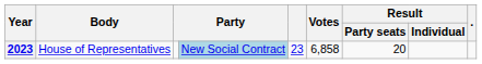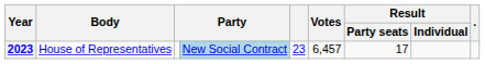 <table class="wikitable plainrowheaders sortable" border=2 cellpadding=4 cellspacing=0 style="border: 1px #aaa solid; font-size: 90%; text-align:center;">
 <tr>
 <th scope="col" rowspan=2>Year</th>
 <th scope="col" rowspan=2>Body</th>
 <th scope="col" colspan=2 rowspan=2>Party</th>
 <th scope="col" rowspan=2></th>
 <th scope="col" rowspan=2>Votes</th>
 <th scope="colgroup" colspan=2>Result</th>
 <th scope="col" rowspan=2 class="unsortable">.</th>
 </tr>
 <tr>
 <th scope="col">Party seats</th>
 <th scope="col">Individual</th>
 </tr>
 <tr>
 <th scope="row"><a href='#'>2023</a></th>
 <td><a href='#'>House of Representatives</a></td>
 <td style="background-color:"></td>
 <td style="background: lightblue;"><a href='#'>New Social Contract</a></td>
 <td style=text-align:right><a href='#'>23</a></td>
-<td style=text-align:right>6,858</td>
-<td style=text-align:right>20</td>
+<td style=text-align:right>6,457</td>
+<td style=text-align:right>17</td>
 <td></td>
 <td></td>
 </tr>
 </table>
